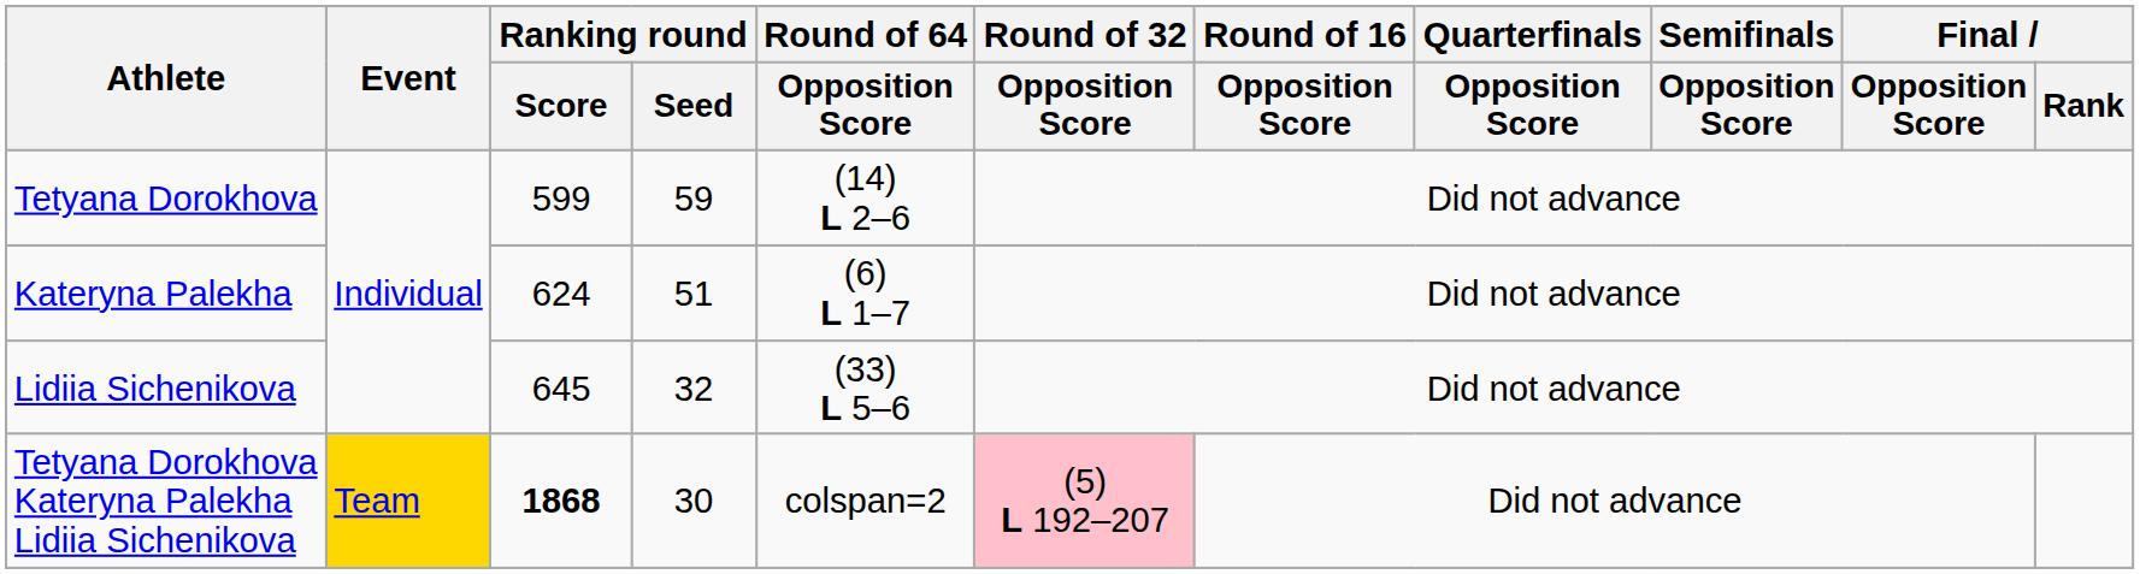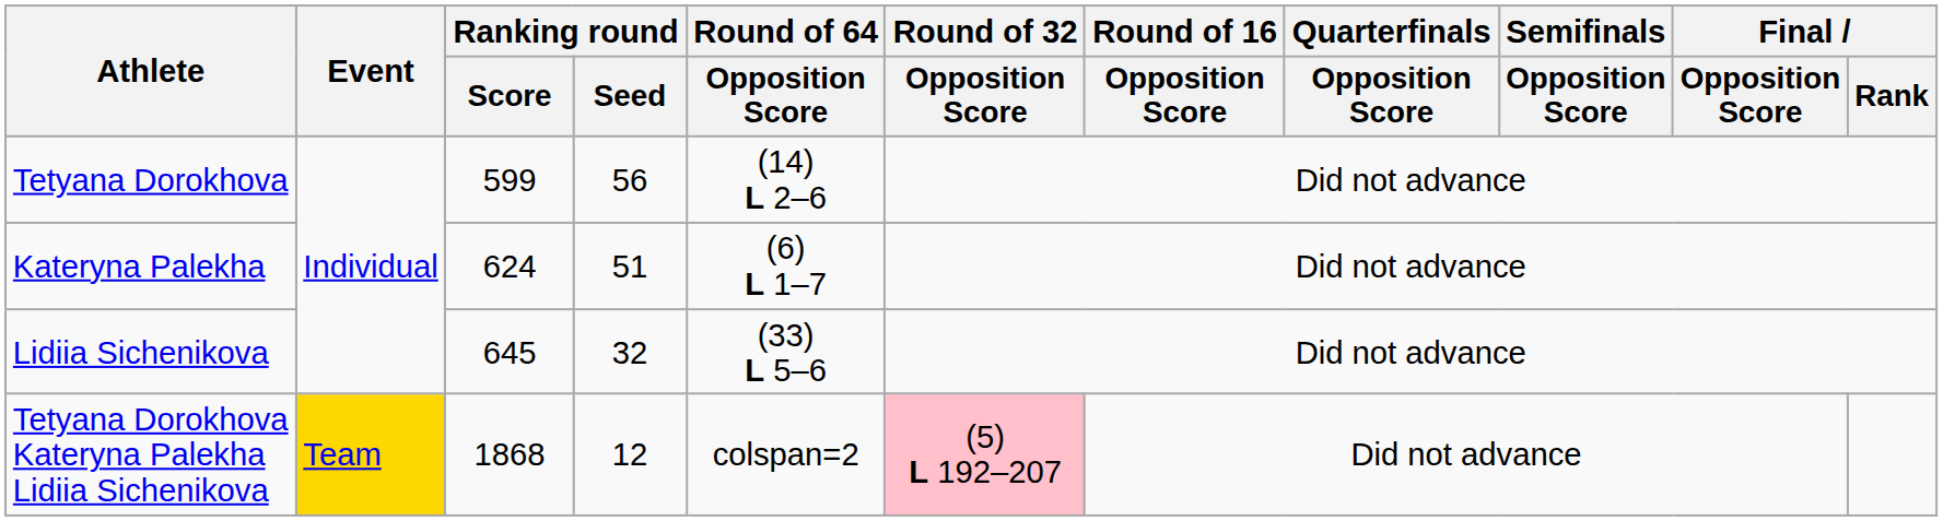 <table class="wikitable" style="font-size:90%">
 <tr>
 <th rowspan="2">Athlete</th>
 <th rowspan="2">Event</th>
 <th colspan="2">Ranking round</th>
 <th>Round of 64</th>
 <th>Round of 32</th>
 <th>Round of 16</th>
 <th>Quarterfinals</th>
 <th>Semifinals</th>
 <th colspan="2">Final / </th>
 </tr>
 <tr style="font-size:95%">
 <th>Score</th>
 <th>Seed</th>
 <th>Opposition<br>Score</th>
 <th>Opposition<br>Score</th>
 <th>Opposition<br>Score</th>
 <th>Opposition<br>Score</th>
 <th>Opposition<br>Score</th>
 <th>Opposition<br>Score</th>
 <th>Rank</th>
 </tr>
 <tr align=center>
 <td align=left><a href='#'>Tetyana Dorokhova</a></td>
 <td align=left rowspan=3><a href='#'>Individual</a></td>
 <td>599</td>
-<td>59</td>
+<td>56</td>
 <td> (14)<br><strong>L</strong> 2–6</td>
 <td colspan=6>Did not advance</td>
 </tr>
 <tr align=center>
 <td align=left><a href='#'>Kateryna Palekha</a></td>
 <td>624</td>
 <td>51</td>
 <td> (6)<br><strong>L</strong> 1–7</td>
 <td colspan=6>Did not advance</td>
 </tr>
 <tr align=center>
 <td align=left><a href='#'>Lidiia Sichenikova</a></td>
 <td>645</td>
 <td>32</td>
 <td> (33)<br><strong>L</strong> 5–6</td>
 <td colspan=6>Did not advance</td>
 </tr>
 <tr align=center>
 <td align=left><a href='#'>Tetyana Dorokhova</a><br><a href='#'>Kateryna Palekha</a><br><a href='#'>Lidiia Sichenikova</a></td>
 <td align=left style="background: gold;"><a href='#'>Team</a></td>
-<td><strong>1868</strong></td>
-<td>30</td>
+<td>1868</td>
+<td>12</td>
 <td>colspan=2 </td>
 <td style="background: pink;"> (5)<br><strong>L</strong> 192–207</td>
 <td colspan=4>Did not advance</td>
 </tr>
 </table>
